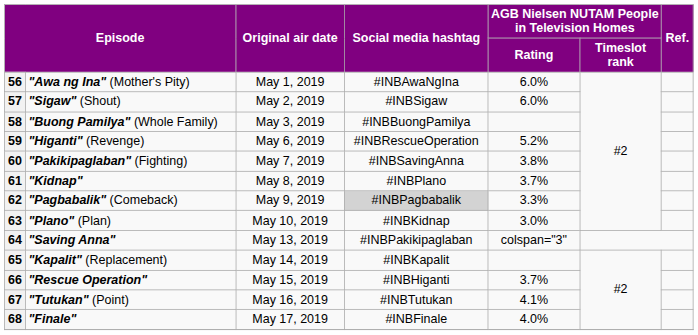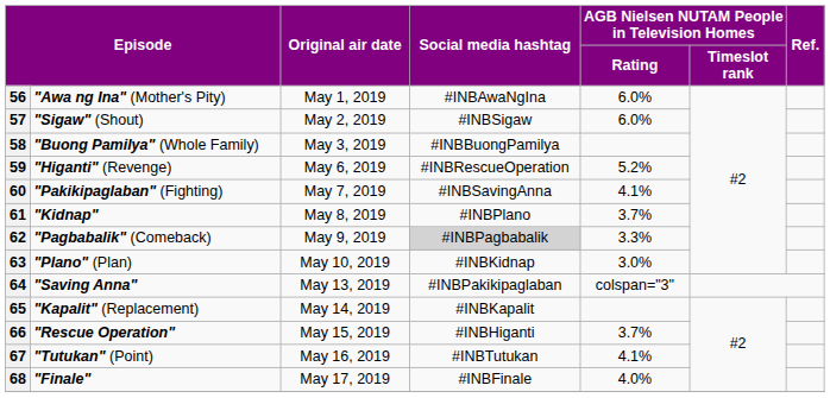 <table class="wikitable" style="text-align:center; font-size:100%; line-height:18px;" width="100%">
 <tr>
 <th style="background-color:#800080; color:#ffffff;" colspan="2" rowspan="2">Episode</th>
 <th style="background-color:#800080; color:white" rowspan="2">Original air date</th>
 <th style="background-color:#800080; color:white" rowspan="2">Social media hashtag</th>
 <th style="background-color:#800080; color:#ffffff;" colspan="2">AGB Nielsen NUTAM People in Television Homes</th>
 <th style="background-color:#800080;  color:#ffffff;" rowspan="2">Ref.</th>
 </tr>
 <tr>
 <th style="background-color:#800080; width:75px; color:#ffffff;">Rating</th>
 <th style="background-color:#800080;  width:75px; color:#ffffff;">Timeslot<br>rank</th>
 </tr>
 <tr>
 <th>56</th>
 <td style="text-align: left;"><strong><em>"Awa ng Ina"</em></strong> (Mother's Pity)</td>
 <td>May 1, 2019</td>
 <td>#INBAwaNgIna</td>
 <td>6.0%</td>
 <td rowspan="8">#2</td>
 <td></td>
 </tr>
 <tr>
 <th>57</th>
 <td style="text-align: left;"><strong><em>"Sigaw"</em></strong> (Shout)</td>
 <td>May 2, 2019</td>
 <td>#INBSigaw</td>
 <td>6.0%</td>
 <td></td>
 </tr>
 <tr>
 <th>58</th>
 <td style="text-align: left;"><strong><em>"Buong Pamilya"</em></strong> (Whole Family)</td>
 <td>May 3, 2019</td>
 <td>#INBBuongPamilya</td>
 <td></td>
 <td></td>
 </tr>
 <tr>
 <th>59</th>
 <td style="text-align: left;"><strong><em>"Higanti"</em></strong> (Revenge)</td>
 <td>May 6, 2019</td>
 <td>#INBRescueOperation</td>
 <td>5.2%</td>
 <td></td>
 </tr>
 <tr>
 <th>60</th>
 <td style="text-align: left;"><strong><em>"Pakikipaglaban"</em></strong> (Fighting)</td>
 <td>May 7, 2019</td>
 <td>#INBSavingAnna</td>
-<td>3.8%</td>
+<td>4.1%</td>
 <td></td>
 </tr>
 <tr>
 <th>61</th>
 <td style="text-align: left;"><strong><em>"Kidnap"</em></strong></td>
 <td>May 8, 2019</td>
 <td>#INBPlano</td>
 <td>3.7%</td>
 <td></td>
 </tr>
 <tr>
 <th>62</th>
 <td style="text-align: left;"><strong><em>"Pagbabalik"</em></strong> (Comeback)</td>
 <td>May 9, 2019</td>
 <td style="background: lightgrey;">#INBPagbabalik</td>
 <td>3.3%</td>
 <td></td>
 </tr>
 <tr>
 <th>63</th>
 <td style="text-align: left;"><strong><em>"Plano"</em></strong> (Plan)</td>
 <td>May 10, 2019</td>
 <td>#INBKidnap</td>
 <td>3.0%</td>
 <td></td>
 </tr>
 <tr>
 <th>64</th>
 <td style="text-align: left;"><strong><em>"Saving Anna"</em></strong></td>
 <td>May 13, 2019</td>
 <td>#INBPakikipaglaban</td>
 <td>colspan="3" </td>
 </tr>
 <tr>
 <th>65</th>
 <td style="text-align: left;"><strong><em>"Kapalit"</em></strong> (Replacement)</td>
 <td>May 14, 2019</td>
 <td>#INBKapalit</td>
 <td></td>
 <td rowspan="4">#2</td>
 <td></td>
 </tr>
 <tr>
 <th>66</th>
 <td style="text-align: left;"><strong><em>"Rescue Operation"</em></strong></td>
 <td>May 15, 2019</td>
 <td>#INBHiganti</td>
 <td>3.7%</td>
 <td></td>
 </tr>
 <tr>
 <th>67</th>
 <td style="text-align: left;"><strong><em>"Tutukan"</em></strong> (Point)</td>
 <td>May 16, 2019</td>
 <td>#INBTutukan</td>
 <td>4.1%</td>
 <td></td>
 </tr>
 <tr>
 <th>68</th>
 <td style="text-align: left;"><strong><em>"Finale"</em></strong></td>
 <td>May 17, 2019</td>
 <td>#INBFinale</td>
 <td>4.0%</td>
 <td></td>
 </tr>
 <tr>
 </tr>
 </table>
